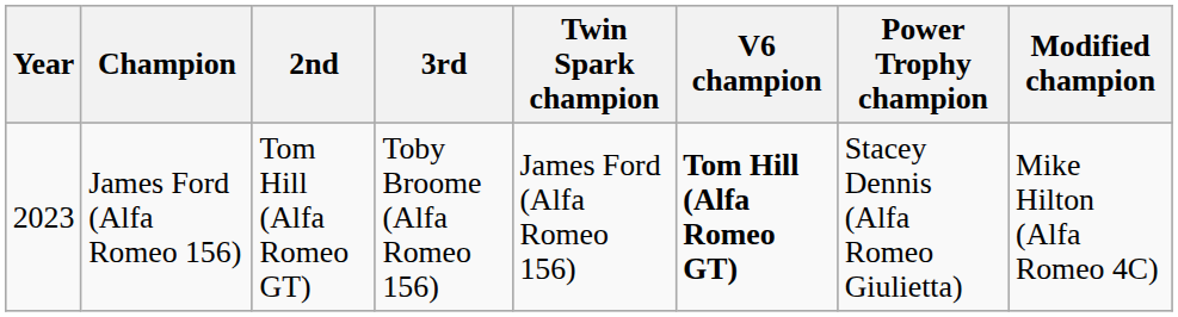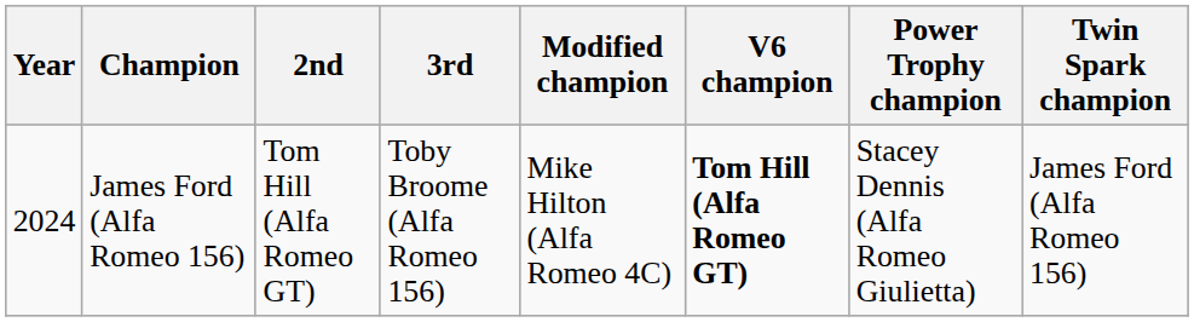 <table class="wikitable">
 <tr>
 <th>Year</th>
 <th>Champion</th>
 <th>2nd</th>
 <th>3rd</th>
-<th>Twin Spark champion</th>
+<th>Modified champion</th>
 <th>V6 champion</th>
 <th>Power Trophy champion</th>
-<th>Modified champion</th>
+<th>Twin Spark champion</th>
 </tr>
 <tr>
-<td>2023</td>
+<td>2024</td>
 <td>James Ford (Alfa Romeo 156)</td>
 <td>Tom Hill (Alfa Romeo GT)</td>
 <td>Toby Broome (Alfa Romeo 156)</td>
-<td>James Ford (Alfa Romeo 156)</td>
+<td>Mike Hilton (Alfa Romeo 4C)</td>
 <td><strong>Tom Hill (Alfa Romeo GT)</strong></td>
 <td>Stacey Dennis (Alfa Romeo Giulietta)</td>
-<td>Mike Hilton (Alfa Romeo 4C)</td>
+<td>James Ford (Alfa Romeo 156)</td>
 </tr>
 </table>
